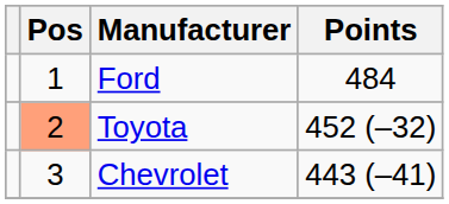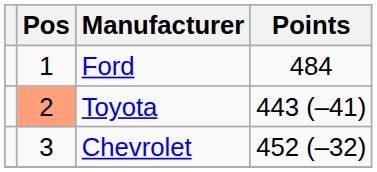 <table class="wikitable" style="font-size: 95%">
 <tr>
 <th></th>
 <th>Pos</th>
 <th>Manufacturer</th>
 <th>Points</th>
 </tr>
 <tr>
 <td align="left"></td>
 <td style="text-align:center;">1</td>
 <td><a href='#'>Ford</a></td>
 <td style="text-align:center;">484</td>
 </tr>
 <tr>
 <td align="left"></td>
 <td style="background: lightsalmon; text-align:center;">2</td>
 <td><a href='#'>Toyota</a></td>
-<td style="text-align:center;">452 (–32)</td>
+<td style="text-align:center;">443 (–41)</td>
 </tr>
 <tr>
 <td align="left"></td>
 <td style="text-align:center;">3</td>
 <td><a href='#'>Chevrolet</a></td>
-<td style="text-align:center;">443 (–41)</td>
+<td style="text-align:center;">452 (–32)</td>
 </tr>
 <tr class="sortbottom">
 </tr>
 </table>
